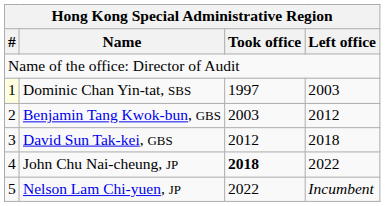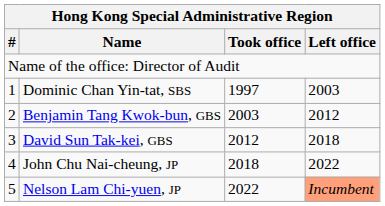 <table class="wikitable">
 <tr>
 <th colspan="4">Hong Kong Special Administrative Region</th>
 </tr>
 <tr>
 <th>#</th>
 <th>Name</th>
 <th>Took office</th>
 <th>Left office</th>
 </tr>
 <tr>
 <td colspan="4">Name of the office: Director of Audit</td>
 </tr>
 <tr>
-<td style="background: lightyellow;">1</td>
+<td>1</td>
 <td>Dominic Chan Yin-tat, <small>SBS</small></td>
 <td>1997</td>
 <td>2003</td>
 </tr>
 <tr>
 <td>2</td>
 <td><a href='#'>Benjamin Tang Kwok-bun</a>, <small>GBS</small></td>
 <td>2003</td>
 <td>2012</td>
 </tr>
 <tr>
 <td>3</td>
 <td><a href='#'>David Sun Tak-kei</a>, <small>GBS</small></td>
 <td>2012</td>
 <td>2018</td>
 </tr>
 <tr>
 <td>4</td>
 <td>John Chu Nai-cheung, <small>JP</small></td>
-<td><strong>2018</strong></td>
+<td>2018</td>
 <td>2022</td>
 </tr>
 <tr>
 <td>5</td>
 <td><a href='#'>Nelson Lam Chi-yuen</a>, <small>JP</small></td>
 <td>2022</td>
-<td><em>Incumbent</em></td>
+<td style="background: lightsalmon;"><em>Incumbent</em></td>
 </tr>
 </table>
